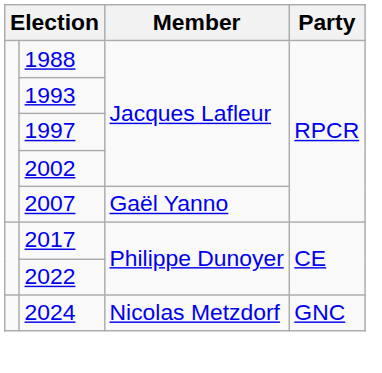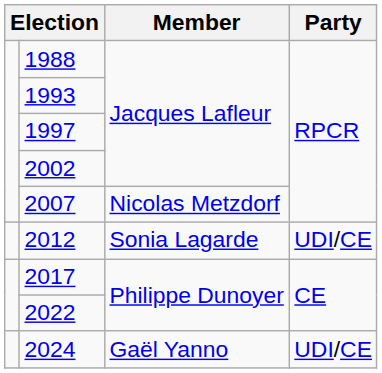 <table class="wikitable">
 <tr>
 <th colspan="2">Election</th>
 <th>Member</th>
 <th>Party</th>
 </tr>
 <tr>
 <td rowspan="5" style="color:inherit;background-color: "></td>
 <td><a href='#'>1988</a></td>
 <td rowspan="4"><a href='#'>Jacques Lafleur</a></td>
 <td rowspan="5"><a href='#'>RPCR</a></td>
 </tr>
 <tr>
 <td><a href='#'>1993</a></td>
 </tr>
 <tr>
 <td><a href='#'>1997</a></td>
 </tr>
 <tr>
 <td><a href='#'>2002</a></td>
 </tr>
 <tr>
 <td><a href='#'>2007</a></td>
-<td><a href='#'>Gaël Yanno</a></td>
+<td><a href='#'>Nicolas Metzdorf</a></td>
+</tr>
+<tr>
+<td style="color:inherit;background-color: "></td>
+<td><a href='#'>2012</a></td>
+<td><a href='#'>Sonia Lagarde</a></td>
+<td><a href='#'>UDI</a>/<a href='#'>CE</a></td>
 </tr>
 <tr>
 <td rowspan="2" style="color:inherit;background-color: "></td>
 <td><a href='#'>2017</a></td>
 <td rowspan="2"><a href='#'>Philippe Dunoyer</a></td>
 <td rowspan="2"><a href='#'>CE</a></td>
 </tr>
 <tr>
 <td><a href='#'>2022</a></td>
 </tr>
 <tr>
 <td style="color:inherit;background-color: "></td>
 <td><a href='#'>2024</a></td>
-<td><a href='#'>Nicolas Metzdorf</a></td>
-<td><a href='#'>GNC</a></td>
+<td><a href='#'>Gaël Yanno</a></td>
+<td><a href='#'>UDI</a>/<a href='#'>CE</a></td>
 </tr>
 </table>
